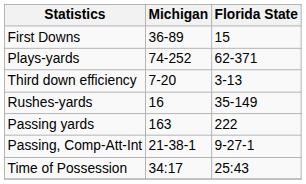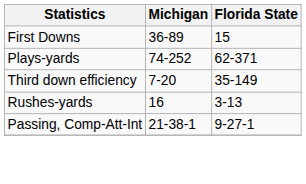 <table class="wikitable">
 <tr>
 <th>Statistics</th>
 <th>Michigan</th>
 <th>Florida State</th>
 </tr>
 <tr>
 <td>First Downs</td>
 <td>36-89</td>
 <td>15</td>
 </tr>
 <tr>
 <td>Plays-yards</td>
 <td>74-252</td>
 <td>62-371</td>
 </tr>
 <tr>
 <td>Third down efficiency</td>
 <td>7-20</td>
-<td>3-13</td>
+<td>35-149</td>
 </tr>
 <tr>
 <td>Rushes-yards</td>
 <td>16</td>
-<td>35-149</td>
-</tr>
-<tr>
-<td>Passing yards</td>
-<td>163</td>
-<td>222</td>
+<td>3-13</td>
 </tr>
 <tr>
 <td>Passing, Comp-Att-Int</td>
 <td>21-38-1</td>
 <td>9-27-1</td>
 </tr>
 <tr>
-<td>Time of Possession</td>
-<td>34:17</td>
-<td>25:43</td>
-</tr>
-<tr>
 </tr>
 </table>
